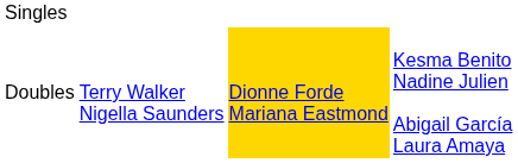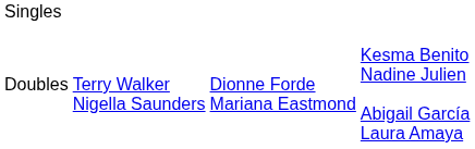 <table>
 <tr>
 <td>Singles</td>
 <td></td>
 <td></td>
 <td><br></td>
 </tr>
 <tr>
 <td>Doubles</td>
 <td><br><a href='#'>Terry Walker</a><br><a href='#'>Nigella Saunders</a></td>
-<td style="background: gold;"><br><a href='#'>Dionne Forde</a><br><a href='#'>Mariana Eastmond</a></td>
+<td><br><a href='#'>Dionne Forde</a><br><a href='#'>Mariana Eastmond</a></td>
 <td><br><a href='#'>Kesma Benito</a><br><a href='#'>Nadine Julien</a><br><br><a href='#'>Abigail García</a><br><a href='#'>Laura Amaya</a></td>
 </tr>
 </table>
